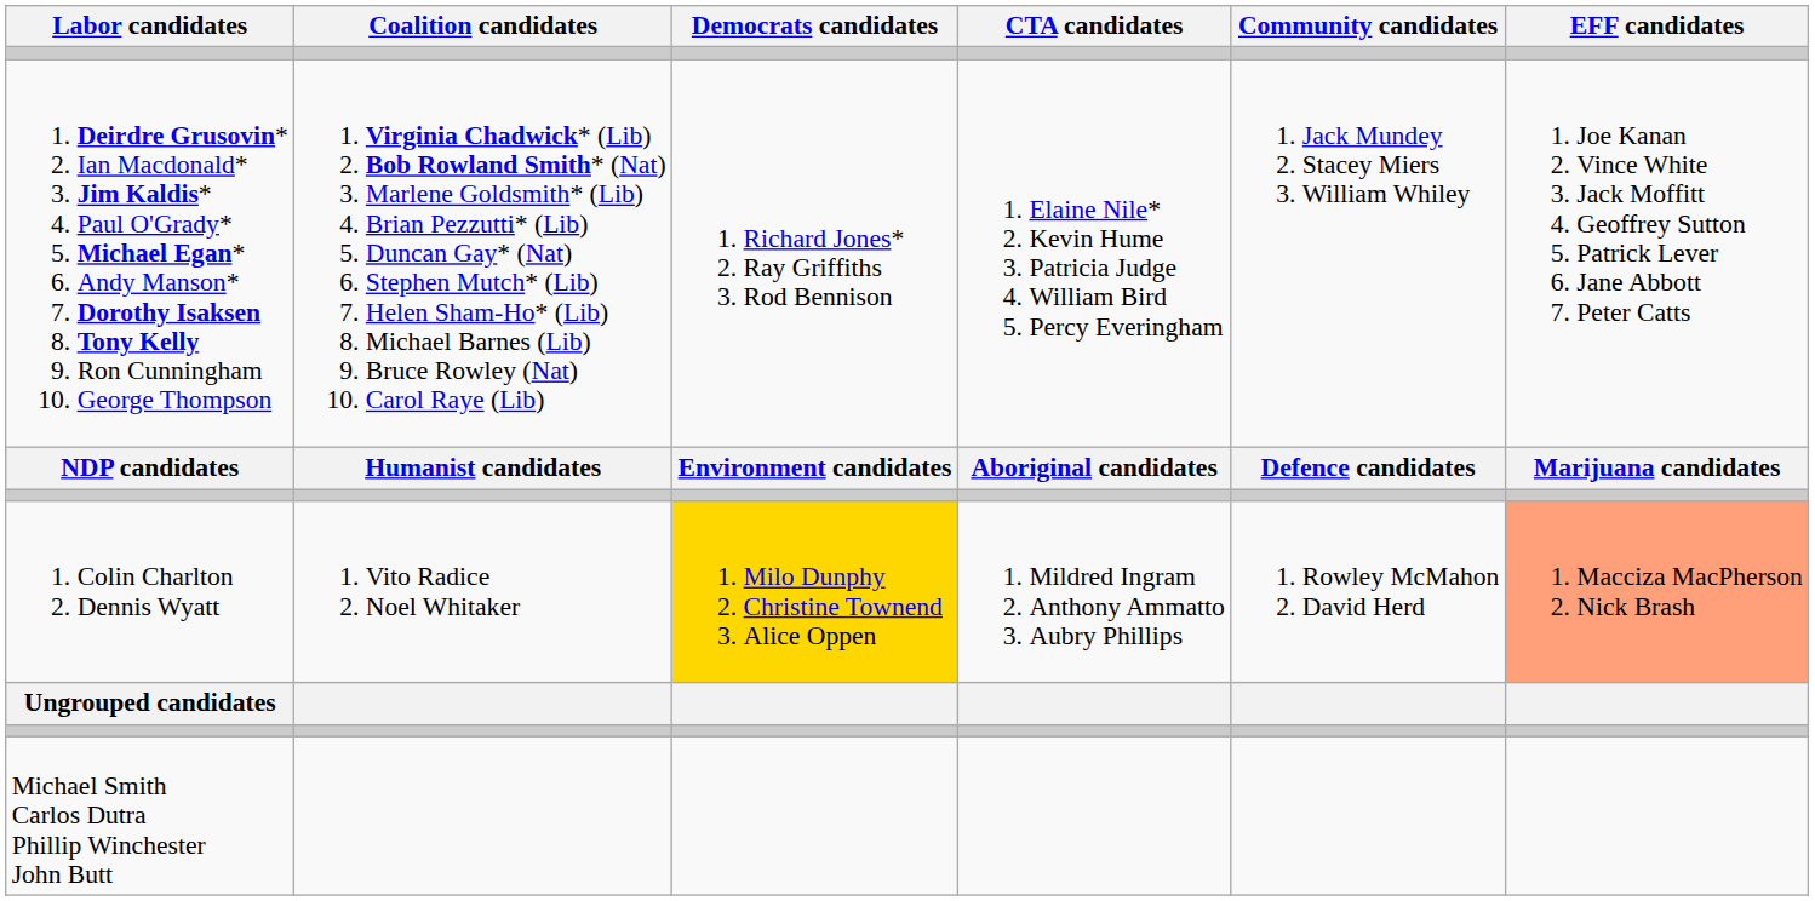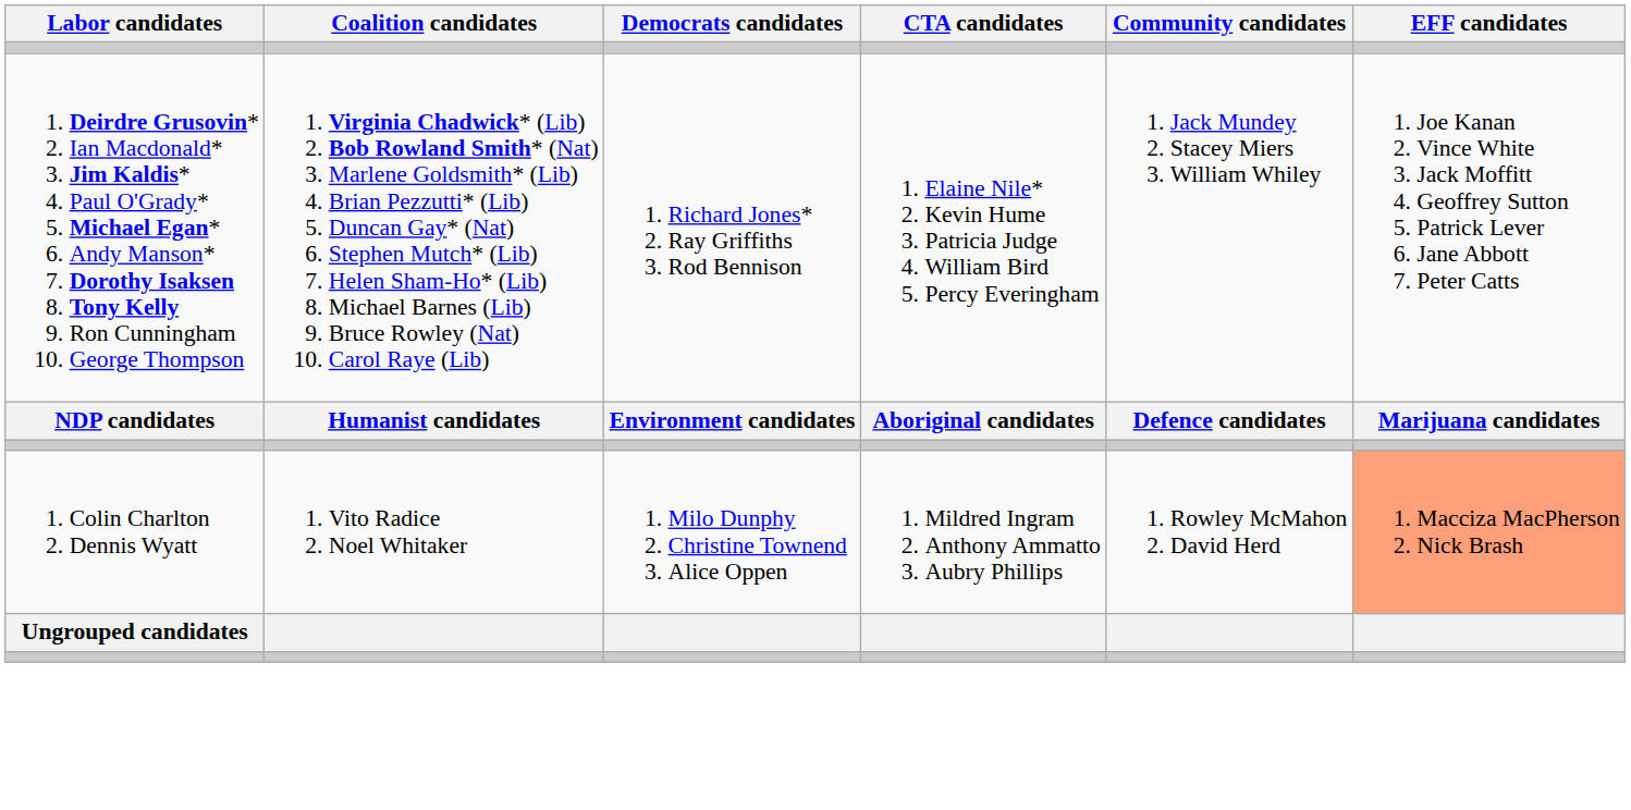 <table class="wikitable">
 <tr>
 <th><a href='#'>Labor</a> candidates</th>
 <th><a href='#'>Coalition</a> candidates</th>
 <th><a href='#'>Democrats</a> candidates</th>
 <th><a href='#'>CTA</a> candidates</th>
 <th><a href='#'>Community</a> candidates</th>
 <th><a href='#'>EFF</a> candidates</th>
 </tr>
 <tr bgcolor="#cccccc">
 <td></td>
 <td></td>
 <td></td>
 <td></td>
 <td></td>
 <td></td>
 </tr>
 <tr>
 <td><br><ol><li><strong><a href='#'>Deirdre Grusovin</a></strong>*</li><li><a href='#'>Ian Macdonald</a>*</li><li><strong><a href='#'>Jim Kaldis</a></strong>*</li><li><a href='#'>Paul O'Grady</a>*</li><li><strong><a href='#'>Michael Egan</a></strong>*</li><li><a href='#'>Andy Manson</a>*</li><li><strong><a href='#'>Dorothy Isaksen</a></strong></li><li><strong><a href='#'>Tony Kelly</a></strong></li><li>Ron Cunningham</li><li><a href='#'>George Thompson</a></li></ol></td>
 <td><br><ol><li><strong><a href='#'>Virginia Chadwick</a></strong>* (<a href='#'>Lib</a>)</li><li><strong><a href='#'>Bob Rowland Smith</a></strong>* (<a href='#'>Nat</a>)</li><li><a href='#'>Marlene Goldsmith</a>* (<a href='#'>Lib</a>)</li><li><a href='#'>Brian Pezzutti</a>* (<a href='#'>Lib</a>)</li><li><a href='#'>Duncan Gay</a>* (<a href='#'>Nat</a>)</li><li><a href='#'>Stephen Mutch</a>* (<a href='#'>Lib</a>)</li><li><a href='#'>Helen Sham-Ho</a>* (<a href='#'>Lib</a>)</li><li>Michael Barnes (<a href='#'>Lib</a>)</li><li>Bruce Rowley (<a href='#'>Nat</a>)</li><li><a href='#'>Carol Raye</a> (<a href='#'>Lib</a>)</li></ol></td>
 <td><br><ol><li><a href='#'>Richard Jones</a>*</li><li>Ray Griffiths</li><li>Rod Bennison</li></ol></td>
 <td><br><ol><li><a href='#'>Elaine Nile</a>*</li><li>Kevin Hume</li><li>Patricia Judge</li><li>William Bird</li><li>Percy Everingham</li></ol></td>
 <td valign=top><br><ol><li><a href='#'>Jack Mundey</a></li><li>Stacey Miers</li><li>William Whiley</li></ol></td>
 <td valign=top><br><ol><li>Joe Kanan</li><li>Vince White</li><li>Jack Moffitt</li><li>Geoffrey Sutton</li><li>Patrick Lever</li><li>Jane Abbott</li><li>Peter Catts</li></ol></td>
 </tr>
 <tr bgcolor="#cccccc">
 <th><a href='#'>NDP</a> candidates</th>
 <th><a href='#'>Humanist</a> candidates</th>
 <th><a href='#'>Environment</a> candidates</th>
 <th><a href='#'>Aboriginal</a> candidates</th>
 <th><a href='#'>Defence</a> candidates</th>
 <th><a href='#'>Marijuana</a> candidates</th>
 </tr>
 <tr bgcolor="#cccccc">
 <td></td>
 <td></td>
 <td></td>
 <td></td>
 <td></td>
 <td></td>
 </tr>
 <tr>
 <td valign=top><br><ol><li>Colin Charlton</li><li>Dennis Wyatt</li></ol></td>
 <td valign=top><br><ol><li>Vito Radice</li><li>Noel Whitaker</li></ol></td>
-<td valign=top style="background: gold;"><br><ol><li><a href='#'>Milo Dunphy</a></li><li><a href='#'>Christine Townend</a></li><li>Alice Oppen</li></ol></td>
+<td valign=top><br><ol><li><a href='#'>Milo Dunphy</a></li><li><a href='#'>Christine Townend</a></li><li>Alice Oppen</li></ol></td>
 <td valign=top><br><ol><li>Mildred Ingram</li><li>Anthony Ammatto</li><li>Aubry Phillips</li></ol></td>
 <td valign=top><br><ol><li>Rowley McMahon</li><li>David Herd</li></ol></td>
 <td valign=top style="background: lightsalmon;"><br><ol><li>Macciza MacPherson</li><li>Nick Brash</li></ol></td>
 </tr>
 <tr bgcolor="#cccccc">
 <th>Ungrouped candidates</th>
 <th></th>
 <th></th>
 <th></th>
 <th></th>
 <th></th>
 </tr>
 <tr bgcolor="#cccccc">
 <td></td>
 <td></td>
 <td></td>
 <td></td>
 <td></td>
 <td></td>
 </tr>
-<tr>
-<td valign=top><br>Michael Smith<br> Carlos Dutra<br> Phillip Winchester<br> John Butt</td>
-<td valign=top></td>
-<td valign=top></td>
-<td valign=top></td>
-<td valign=top></td>
-<td valign=top></td>
-</tr>
 </table>
